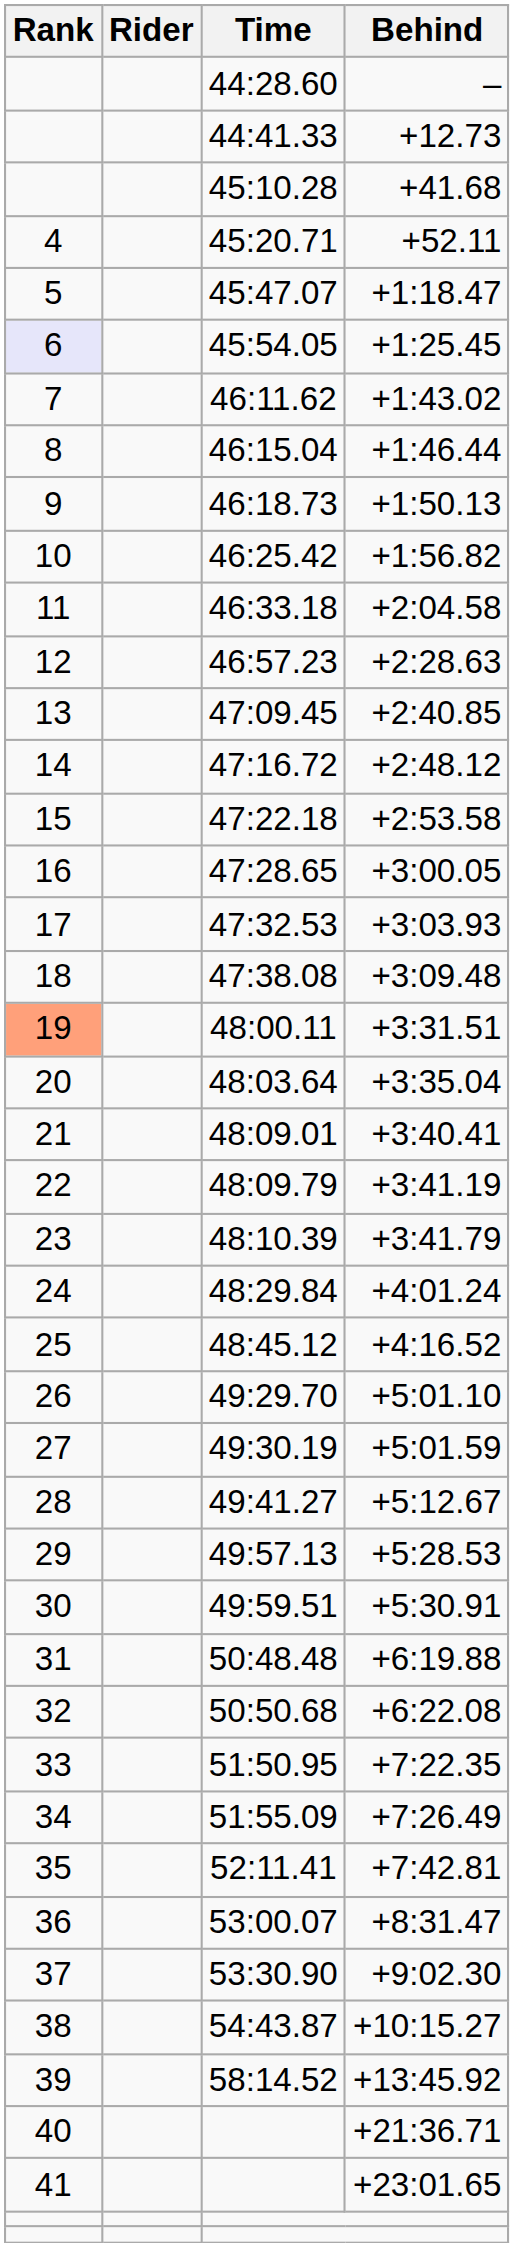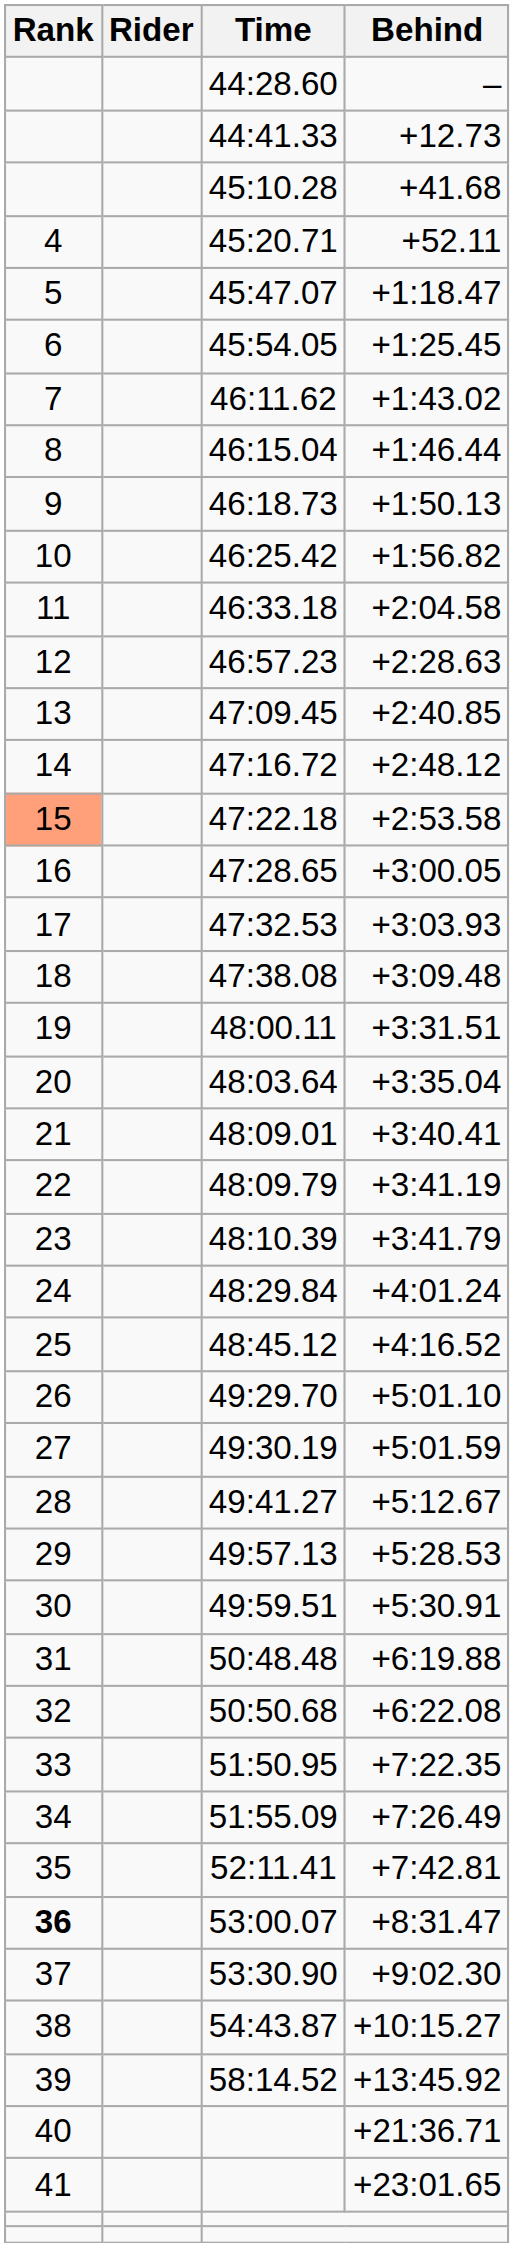 <table class="wikitable sortable" style="text-align: center">
 <tr>
 <th>Rank</th>
 <th>Rider</th>
 <th>Time</th>
 <th>Behind</th>
 </tr>
 <tr>
 <td></td>
 <td align="left"></td>
 <td>44:28.60</td>
 <td align="right">–</td>
 </tr>
 <tr>
 <td></td>
 <td align="left"></td>
 <td>44:41.33</td>
 <td align="right">+12.73</td>
 </tr>
 <tr>
 <td></td>
 <td align="left"></td>
 <td>45:10.28</td>
 <td align="right">+41.68</td>
 </tr>
 <tr>
 <td>4</td>
 <td align="left"></td>
 <td>45:20.71</td>
 <td align="right">+52.11</td>
 </tr>
 <tr>
 <td>5</td>
 <td align="left"></td>
 <td>45:47.07</td>
 <td align="right">+1:18.47</td>
 </tr>
 <tr>
-<td style="background: lavender;">6</td>
+<td>6</td>
 <td align="left"></td>
 <td>45:54.05</td>
 <td align="right">+1:25.45</td>
 </tr>
 <tr>
 <td>7</td>
 <td align="left"></td>
 <td>46:11.62</td>
 <td align="right">+1:43.02</td>
 </tr>
 <tr>
 <td>8</td>
 <td align="left"></td>
 <td>46:15.04</td>
 <td align="right">+1:46.44</td>
 </tr>
 <tr>
 <td>9</td>
 <td align="left"></td>
 <td>46:18.73</td>
 <td align="right">+1:50.13</td>
 </tr>
 <tr>
 <td>10</td>
 <td align="left"></td>
 <td>46:25.42</td>
 <td align="right">+1:56.82</td>
 </tr>
 <tr>
 <td>11</td>
 <td align="left"></td>
 <td>46:33.18</td>
 <td align="right">+2:04.58</td>
 </tr>
 <tr>
 <td>12</td>
 <td align="left"></td>
 <td>46:57.23</td>
 <td align="right">+2:28.63</td>
 </tr>
 <tr>
 <td>13</td>
 <td align="left"></td>
 <td>47:09.45</td>
 <td align="right">+2:40.85</td>
 </tr>
 <tr>
 <td>14</td>
 <td align="left"></td>
 <td>47:16.72</td>
 <td align="right">+2:48.12</td>
 </tr>
 <tr>
-<td>15</td>
+<td style="background: lightsalmon;">15</td>
 <td align="left"></td>
 <td>47:22.18</td>
 <td align="right">+2:53.58</td>
 </tr>
 <tr>
 <td>16</td>
 <td align="left"></td>
 <td>47:28.65</td>
 <td align="right">+3:00.05</td>
 </tr>
 <tr>
 <td>17</td>
 <td align="left"></td>
 <td>47:32.53</td>
 <td align="right">+3:03.93</td>
 </tr>
 <tr>
 <td>18</td>
 <td align="left"></td>
 <td>47:38.08</td>
 <td align="right">+3:09.48</td>
 </tr>
 <tr>
-<td style="background: lightsalmon;">19</td>
+<td>19</td>
 <td align="left"></td>
 <td>48:00.11</td>
 <td align="right">+3:31.51</td>
 </tr>
 <tr>
 <td>20</td>
 <td align="left"></td>
 <td>48:03.64</td>
 <td align="right">+3:35.04</td>
 </tr>
 <tr>
 <td>21</td>
 <td align="left"></td>
 <td>48:09.01</td>
 <td align="right">+3:40.41</td>
 </tr>
 <tr>
 <td>22</td>
 <td align="left"></td>
 <td>48:09.79</td>
 <td align="right">+3:41.19</td>
 </tr>
 <tr>
 <td>23</td>
 <td align="left"></td>
 <td>48:10.39</td>
 <td align="right">+3:41.79</td>
 </tr>
 <tr>
 <td>24</td>
 <td align="left"></td>
 <td>48:29.84</td>
 <td align="right">+4:01.24</td>
 </tr>
 <tr>
 <td>25</td>
 <td align="left"></td>
 <td>48:45.12</td>
 <td align="right">+4:16.52</td>
 </tr>
 <tr>
 <td>26</td>
 <td align="left"></td>
 <td>49:29.70</td>
 <td align="right">+5:01.10</td>
 </tr>
 <tr>
 <td>27</td>
 <td align="left"></td>
 <td>49:30.19</td>
 <td align="right">+5:01.59</td>
 </tr>
 <tr>
 <td>28</td>
 <td align="left"></td>
 <td>49:41.27</td>
 <td align="right">+5:12.67</td>
 </tr>
 <tr>
 <td>29</td>
 <td align="left"></td>
 <td>49:57.13</td>
 <td align="right">+5:28.53</td>
 </tr>
 <tr>
 <td>30</td>
 <td align="left"></td>
 <td>49:59.51</td>
 <td align="right">+5:30.91</td>
 </tr>
 <tr>
 <td>31</td>
 <td align="left"></td>
 <td>50:48.48</td>
 <td align="right">+6:19.88</td>
 </tr>
 <tr>
 <td>32</td>
 <td align="left"></td>
 <td>50:50.68</td>
 <td align="right">+6:22.08</td>
 </tr>
 <tr>
 <td>33</td>
 <td align="left"></td>
 <td>51:50.95</td>
 <td align="right">+7:22.35</td>
 </tr>
 <tr>
 <td>34</td>
 <td align="left"></td>
 <td>51:55.09</td>
 <td align="right">+7:26.49</td>
 </tr>
 <tr>
 <td>35</td>
 <td align="left"></td>
 <td>52:11.41</td>
 <td align="right">+7:42.81</td>
 </tr>
 <tr>
-<td>36</td>
+<td><strong>36</strong></td>
 <td align="left"></td>
 <td>53:00.07</td>
 <td align="right">+8:31.47</td>
 </tr>
 <tr>
 <td>37</td>
 <td align="left"></td>
 <td>53:30.90</td>
 <td align="right">+9:02.30</td>
 </tr>
 <tr>
 <td>38</td>
 <td align="left"></td>
 <td>54:43.87</td>
 <td align="right">+10:15.27</td>
 </tr>
 <tr>
 <td>39</td>
 <td align="left"></td>
 <td>58:14.52</td>
 <td align="right">+13:45.92</td>
 </tr>
 <tr>
 <td>40</td>
 <td align="left"></td>
 <td></td>
 <td align="right">+21:36.71</td>
 </tr>
 <tr>
 <td>41</td>
 <td align="left"></td>
 <td></td>
 <td align="right">+23:01.65</td>
 </tr>
 <tr>
 <td></td>
 <td align="left"></td>
 <td colspan=2></td>
 </tr>
 <tr>
 <td></td>
 <td align="left"></td>
 <td colspan=2></td>
 </tr>
 </table>
